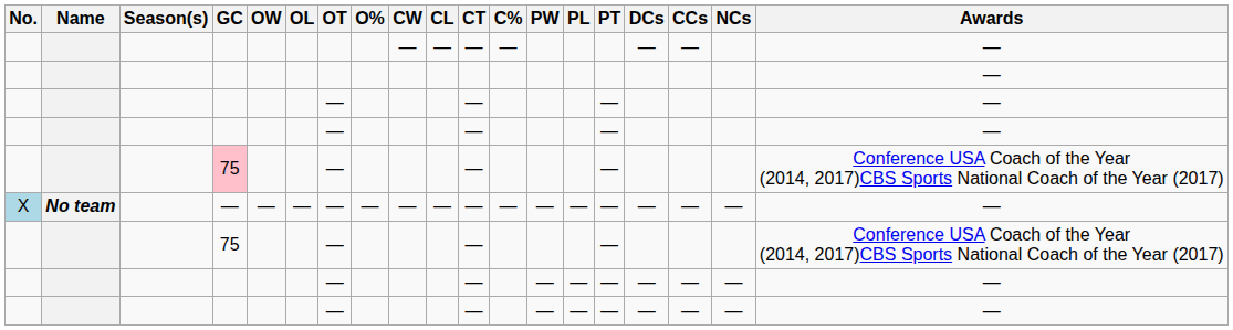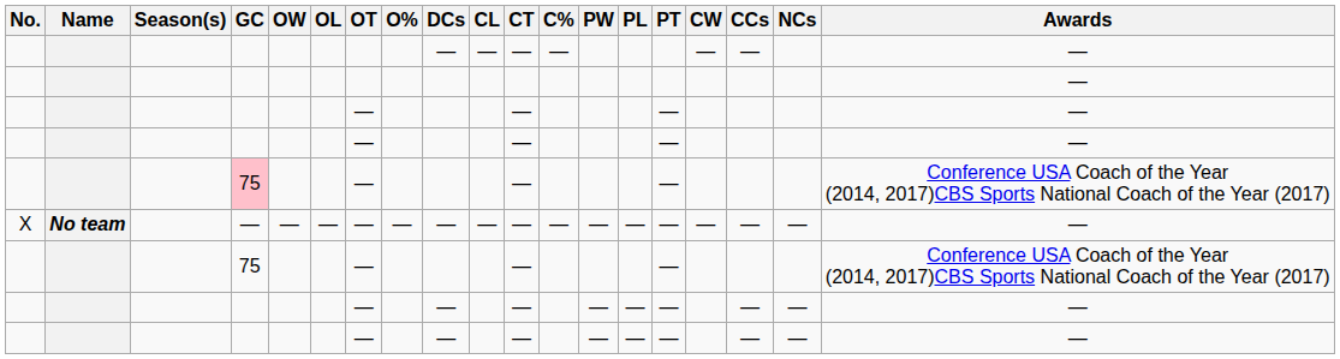 <table class="wikitable sortable" style="text-align:center">
 <tr>
 <th scope="col" class="unsortable">No.</th>
 <th scope="col">Name</th>
 <th scope="col">Season(s)</th>
 <th scope="col">GC</th>
 <th scope="col">OW</th>
 <th scope="col">OL</th>
 <th scope="col">OT</th>
 <th scope="col">O%</th>
-<th scope="col">CW</th>
+<th scope="col">DCs</th>
 <th scope="col">CL</th>
 <th scope="col">CT</th>
 <th scope="col">C%</th>
 <th scope="col">PW</th>
 <th scope="col">PL</th>
 <th scope="col">PT</th>
-<th scope="col">DCs</th>
+<th scope="col">CW</th>
 <th scope="col">CCs</th>
 <th scope="col">NCs</th>
 <th scope="col" class="unsortable">Awards</th>
 </tr>
 <tr>
 <td></td>
 <th scope="row"></th>
 <td></td>
 <td></td>
 <td></td>
 <td></td>
 <td></td>
 <td></td>
 <td>—</td>
 <td>—</td>
 <td>—</td>
 <td>—</td>
 <td></td>
 <td></td>
 <td></td>
 <td>—</td>
 <td>—</td>
 <td></td>
 <td>—</td>
 </tr>
 <tr>
 <td></td>
 <th scope="row"></th>
 <td></td>
 <td></td>
 <td></td>
 <td></td>
 <td></td>
 <td></td>
 <td></td>
 <td></td>
 <td></td>
 <td></td>
 <td></td>
 <td></td>
 <td></td>
 <td></td>
 <td></td>
 <td></td>
 <td>—</td>
 </tr>
 <tr>
 <td></td>
 <th scope="row"></th>
 <td></td>
 <td></td>
 <td></td>
 <td></td>
 <td>—</td>
 <td></td>
 <td></td>
 <td></td>
 <td>—</td>
 <td></td>
 <td></td>
 <td></td>
 <td>—</td>
 <td></td>
 <td></td>
 <td></td>
 <td>—</td>
 </tr>
 <tr>
 <td></td>
 <th scope="row"></th>
 <td></td>
 <td></td>
 <td></td>
 <td></td>
 <td>—</td>
 <td></td>
 <td></td>
 <td></td>
 <td>—</td>
 <td></td>
 <td></td>
 <td></td>
 <td>—</td>
 <td></td>
 <td></td>
 <td></td>
 <td>—</td>
 </tr>
 <tr>
 <td></td>
 <th scope="row"></th>
 <td></td>
 <td style="background: pink;">75</td>
 <td></td>
 <td></td>
 <td>—</td>
 <td></td>
 <td></td>
 <td></td>
 <td>—</td>
 <td></td>
 <td></td>
 <td></td>
 <td>—</td>
 <td></td>
 <td></td>
 <td></td>
 <td><a href='#'>Conference USA</a> Coach of the Year<br>(2014, 2017)<a href='#'>CBS Sports</a> National Coach of the Year (2017)</td>
 </tr>
 <tr>
-<td style="background: lightblue;"> X</td>
+<td> X</td>
 <th scope="row"><em>No team</em></th>
 <td></td>
 <td>—</td>
 <td>—</td>
 <td>—</td>
 <td>—</td>
 <td>—</td>
 <td>—</td>
 <td>—</td>
 <td>—</td>
 <td>—</td>
 <td>—</td>
 <td>—</td>
 <td>—</td>
 <td>—</td>
 <td>—</td>
 <td>—</td>
 <td>—</td>
 </tr>
 <tr>
 <td></td>
 <th scope="row"></th>
 <td></td>
 <td>75</td>
 <td></td>
 <td></td>
 <td>—</td>
 <td></td>
 <td></td>
 <td></td>
 <td>—</td>
 <td></td>
 <td></td>
 <td></td>
 <td>—</td>
 <td></td>
 <td></td>
 <td></td>
 <td><a href='#'>Conference USA</a> Coach of the Year<br>(2014, 2017)<a href='#'>CBS Sports</a> National Coach of the Year (2017)</td>
 </tr>
 <tr>
 <td></td>
 <th scope="row"></th>
 <td></td>
 <td></td>
 <td></td>
 <td></td>
 <td>—</td>
 <td></td>
-<td></td>
+<td>—</td>
 <td></td>
 <td>—</td>
 <td></td>
 <td>—</td>
 <td>—</td>
 <td>—</td>
-<td>—</td>
+<td></td>
 <td>—</td>
 <td>—</td>
 <td>—</td>
 </tr>
 <tr>
 <td></td>
 <th scope="row"></th>
 <td></td>
 <td></td>
 <td></td>
 <td></td>
 <td>—</td>
 <td></td>
-<td></td>
+<td>—</td>
 <td></td>
 <td>—</td>
 <td></td>
 <td>—</td>
 <td>—</td>
 <td>—</td>
-<td>—</td>
+<td></td>
 <td>—</td>
 <td>—</td>
 <td>—</td>
 </tr>
 </table>
